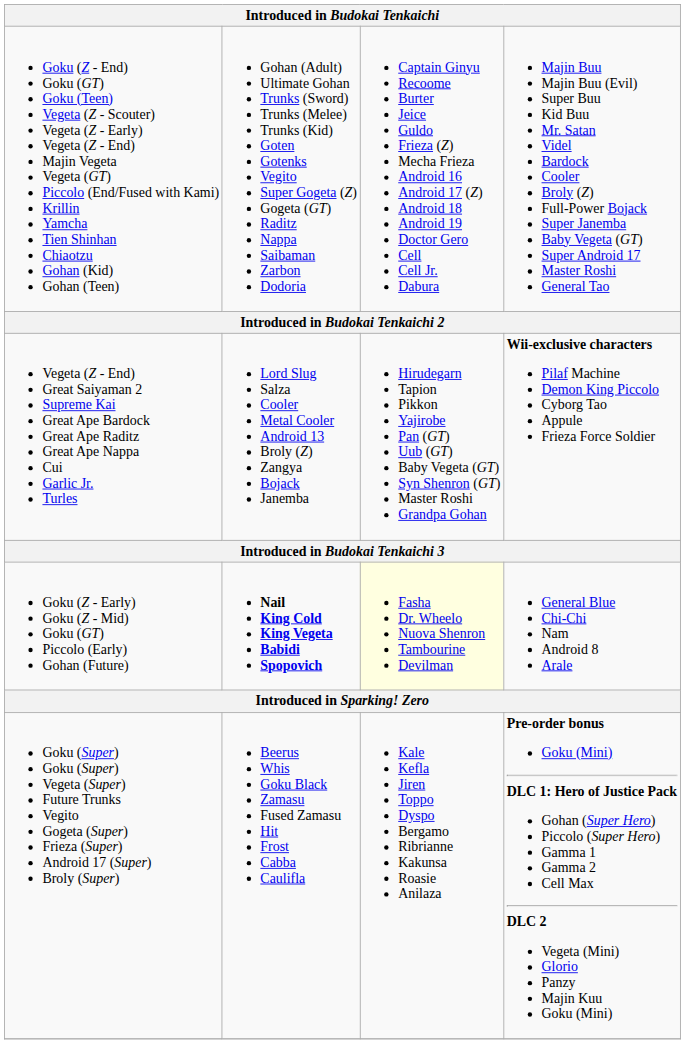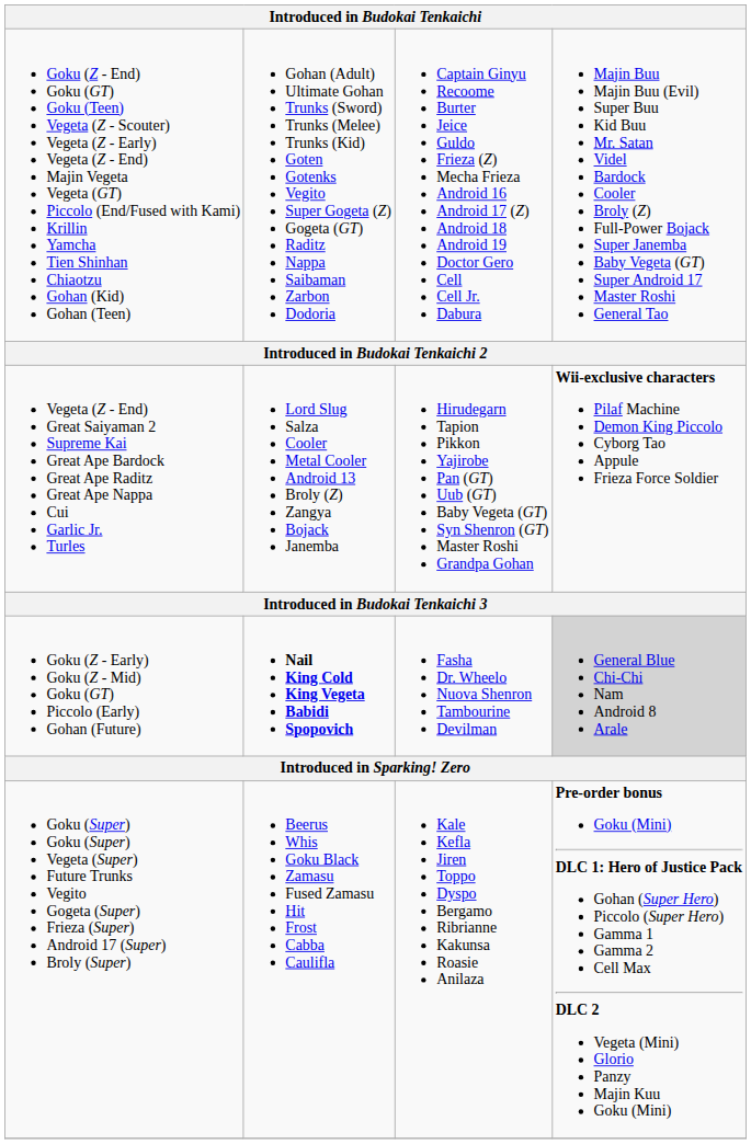 <table class="wikitable">
 <tr>
 <th scope="col" colspan="4">Introduced in <em>Budokai Tenkaichi</em></th>
 </tr>
 <tr>
 <td style="vertical-align: top;"><br><ul><li><a href='#'>Goku</a> (<em><a href='#'>Z</a></em> - End)    </li><li>Goku (<em>GT</em>) </li><li><a href='#'>Goku (Teen)</a> </li><li><a href='#'>Vegeta</a> (<em>Z</em> - Scouter)   </li><li>Vegeta (<em>Z</em> - Early)   </li><li>Vegeta (<em>Z</em> - End)   </li><li>Majin Vegeta  </li><li>Vegeta (<em>GT</em>)   </li><li><a href='#'>Piccolo</a> (End/Fused with Kami)  </li><li><a href='#'>Krillin</a>  </li><li><a href='#'>Yamcha</a>  </li><li><a href='#'>Tien Shinhan</a>  </li><li><a href='#'>Chiaotzu</a>  </li><li><a href='#'>Gohan</a> (Kid)  </li><li>Gohan (Teen)   </li></ul></td>
 <td style="vertical-align: top;"><br><ul><li>Gohan (Adult)   </li><li>Ultimate Gohan  </li><li><a href='#'>Trunks</a> (Sword)   </li><li>Trunks (Melee)   </li><li>Trunks (Kid)   </li><li><a href='#'>Goten</a>   </li><li><a href='#'>Gotenks</a>   </li><li><a href='#'>Vegito</a>   </li><li><a href='#'>Super Gogeta</a> (<em>Z</em>)  </li><li>Gogeta (<em>GT</em>)   </li><li><a href='#'>Raditz</a>  </li><li><a href='#'>Nappa</a>  </li><li><a href='#'>Saibaman</a>  </li><li><a href='#'>Zarbon</a>   </li><li><a href='#'>Dodoria</a>  </li></ul></td>
 <td style="vertical-align: top;"><br><ul><li><a href='#'>Captain Ginyu</a>  </li><li><a href='#'>Recoome</a>  </li><li><a href='#'>Burter</a>  </li><li><a href='#'>Jeice</a>  </li><li><a href='#'>Guldo</a>  </li><li><a href='#'>Frieza</a> (<em>Z</em>)   </li><li>Mecha Frieza  </li><li><a href='#'>Android 16</a>  </li><li><a href='#'>Android 17</a> (<em>Z</em>)  </li><li><a href='#'>Android 18</a>  </li><li><a href='#'>Android 19</a>  </li><li><a href='#'>Doctor Gero</a>  </li><li><a href='#'>Cell</a>   </li><li><a href='#'>Cell Jr.</a>  </li><li><a href='#'>Dabura</a>  </li></ul></td>
 <td style="vertical-align: top;"><br><ul><li><a href='#'>Majin Buu</a>  </li><li>Majin Buu (Evil)  </li><li>Super Buu   </li><li>Kid Buu  </li><li><a href='#'>Mr. Satan</a>  </li><li><a href='#'>Videl</a>  </li><li><a href='#'>Bardock</a>  </li><li><a href='#'>Cooler</a>   </li><li><a href='#'>Broly</a> (<em>Z</em>)   </li><li>Full-Power <a href='#'>Bojack</a>  </li><li><a href='#'>Super Janemba</a>  </li><li><a href='#'>Baby Vegeta</a> (<em>GT</em>)   </li><li><a href='#'>Super Android 17</a> </li><li><a href='#'>Master Roshi</a>  </li><li><a href='#'>General Tao</a> </li></ul></td>
 </tr>
 <tr>
 <th scope="col" colspan="4">Introduced in <em>Budokai Tenkaichi 2</em></th>
 </tr>
 <tr>
 <td style="vertical-align: top;"><br><ul><li>Vegeta (<em>Z</em> - End)  </li><li>Great Saiyaman 2</li><li><a href='#'>Supreme Kai</a> </li><li>Great Ape Bardock</li><li>Great Ape Raditz</li><li>Great Ape Nappa</li><li>Cui </li><li><a href='#'>Garlic Jr.</a>  </li><li><a href='#'>Turles</a> </li></ul></td>
 <td style="vertical-align: top;"><br><ul><li><a href='#'>Lord Slug</a>  </li><li>Salza</li><li><a href='#'>Cooler</a>  </li><li><a href='#'>Metal Cooler</a> </li><li><a href='#'>Android 13</a>  </li><li>Broly (<em>Z</em>)  </li><li>Zangya</li><li><a href='#'>Bojack</a>  </li><li>Janemba  </li></ul></td>
 <td style="vertical-align: top;"><br><ul><li><a href='#'>Hirudegarn</a> </li><li>Tapion </li><li>Pikkon</li><li><a href='#'>Yajirobe</a> </li><li><a href='#'>Pan</a> (<em>GT</em>) </li><li><a href='#'>Uub</a> (<em>GT</em>)  </li><li>Baby Vegeta (<em>GT</em>)  </li><li><a href='#'>Syn Shenron</a> (<em>GT</em>)  </li><li>Master Roshi  </li><li><a href='#'>Grandpa Gohan</a></li></ul></td>
 <td style="vertical-align: top;"><strong>Wii-exclusive characters</strong><br><ul><li><a href='#'>Pilaf</a> Machine </li><li><a href='#'>Demon King Piccolo</a></li><li>Cyborg Tao</li><li>Appule</li><li>Frieza Force Soldier </li></ul></td>
 </tr>
 <tr>
 <th scope="col" colspan="4">Introduced in <em>Budokai Tenkaichi 3</em></th>
 </tr>
 <tr>
 <td style="vertical-align: top;"><br><ul><li>Goku (<em>Z</em> - Early)</li><li>Goku (<em>Z</em> - Mid) </li><li>Goku (<em>GT</em>) </li><li>Piccolo (Early)</li><li>Gohan (Future) </li></ul></td>
 <td style="vertical-align: top;"><strong><br><ul><li>Nail</li><li><a href='#'>King Cold</a></li><li><a href='#'>King Vegeta</a> </li><li><a href='#'>Babidi</a></li><li><a href='#'>Spopovich</a></li></ul></strong></td>
-<td style="background: lightyellow; vertical-align: top;"><br><ul><li><a href='#'>Fasha</a> </li><li><a href='#'>Dr. Wheelo</a></li><li><a href='#'>Nuova Shenron</a></li><li><a href='#'>Tambourine</a></li><li><a href='#'>Devilman</a></li></ul></td>
-<td style="vertical-align: top;"><br><ul><li><a href='#'>General Blue</a></li><li><a href='#'>Chi-Chi</a></li><li>Nam</li><li>Android 8</li><li><a href='#'>Arale</a></li></ul></td>
+<td style="vertical-align: top;"><br><ul><li><a href='#'>Fasha</a> </li><li><a href='#'>Dr. Wheelo</a></li><li><a href='#'>Nuova Shenron</a></li><li><a href='#'>Tambourine</a></li><li><a href='#'>Devilman</a></li></ul></td>
+<td style="background: lightgrey; vertical-align: top;"><br><ul><li><a href='#'>General Blue</a></li><li><a href='#'>Chi-Chi</a></li><li>Nam</li><li>Android 8</li><li><a href='#'>Arale</a></li></ul></td>
 </tr>
 <tr>
 <th scope="col" colspan="4">Introduced in <em>Sparking! Zero</em></th>
 </tr>
 <tr>
 <td style="vertical-align: top;"><br><ul><li>Goku (<em><a href='#'>Super</a></em>) </li><li>Goku (<em>Super</em>) </li><li>Vegeta (<em>Super</em>) </li><li>Future Trunks </li><li>Vegito </li><li>Gogeta (<em>Super</em>) </li><li>Frieza (<em>Super</em>) </li><li>Android 17 (<em>Super</em>)</li><li>Broly (<em>Super</em>) </li></ul></td>
 <td style="vertical-align: top;"><br><ul><li><a href='#'>Beerus</a></li><li><a href='#'>Whis</a></li><li><a href='#'>Goku Black</a> </li><li><a href='#'>Zamasu</a></li><li>Fused Zamasu </li><li><a href='#'>Hit</a></li><li><a href='#'>Frost</a></li><li><a href='#'>Cabba</a> </li><li><a href='#'>Caulifla</a> </li></ul></td>
 <td style="vertical-align: top;"><br><ul><li><a href='#'>Kale</a> </li><li><a href='#'>Kefla</a> </li><li><a href='#'>Jiren</a> </li><li><a href='#'>Toppo</a> </li><li><a href='#'>Dyspo</a></li><li>Bergamo</li><li>Ribrianne</li><li>Kakunsa</li><li>Roasie</li><li>Anilaza</li></ul></td>
 <td style="vertical-align: top;"><strong>Pre-order bonus</strong><br><ul><li><a href='#'>Goku (Mini)</a> </li></ul><hr> <strong>DLC 1: Hero of Justice Pack</strong><ul><li>Gohan (<em><a href='#'>Super Hero</a></em>) </li><li>Piccolo (<em>Super Hero</em>) </li><li>Gamma 1</li><li>Gamma 2</li><li>Cell Max</li></ul><hr> <strong>DLC 2</strong><ul><li>Vegeta (Mini)  </li><li><a href='#'>Glorio</a></li><li>Panzy </li><li>Majin Kuu</li><li>Goku (Mini) </li></ul></td>
 </tr>
 <tr>
 </tr>
 </table>
